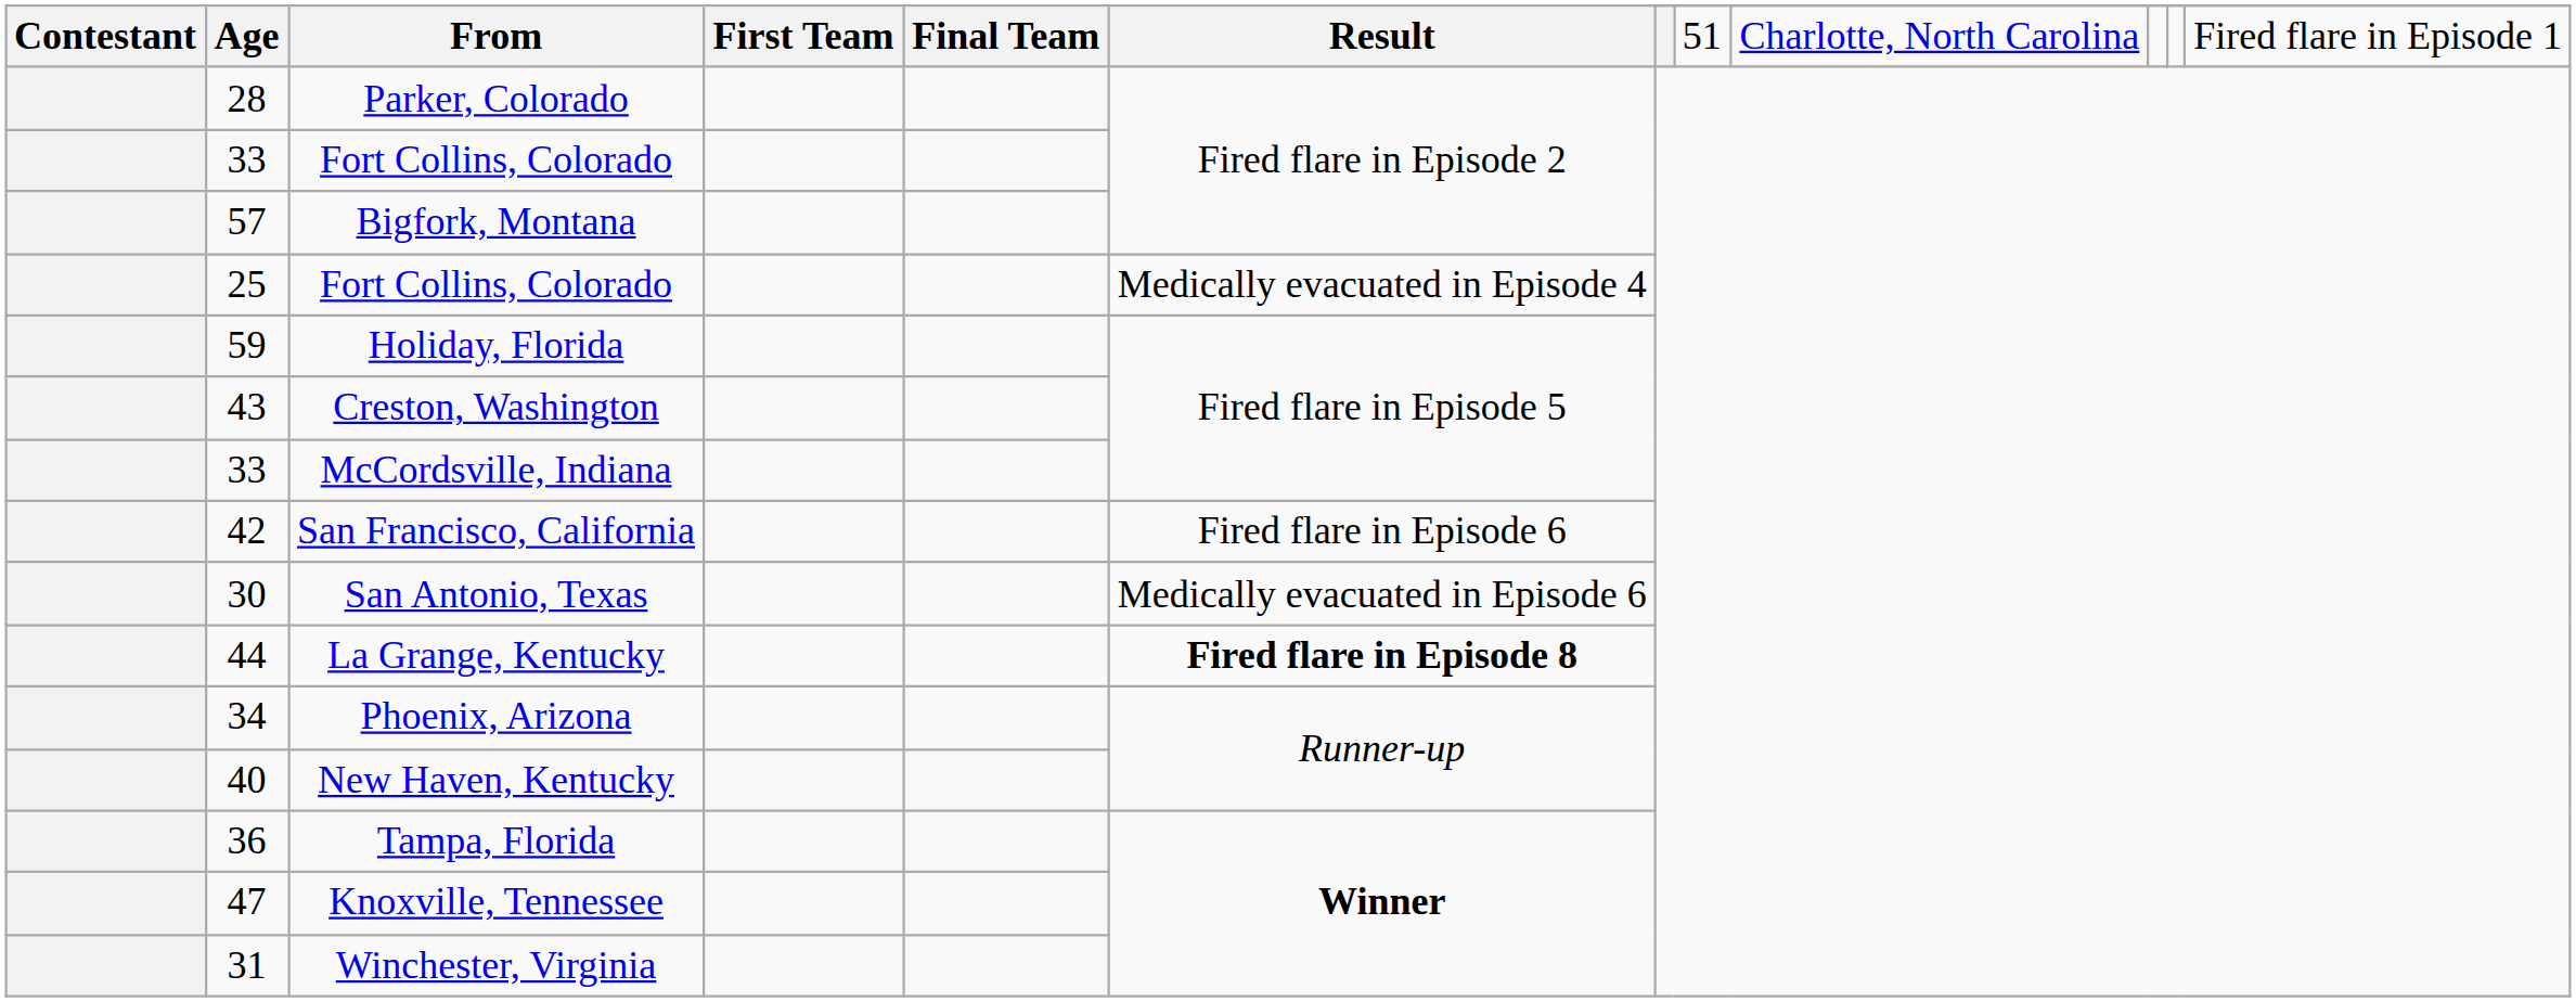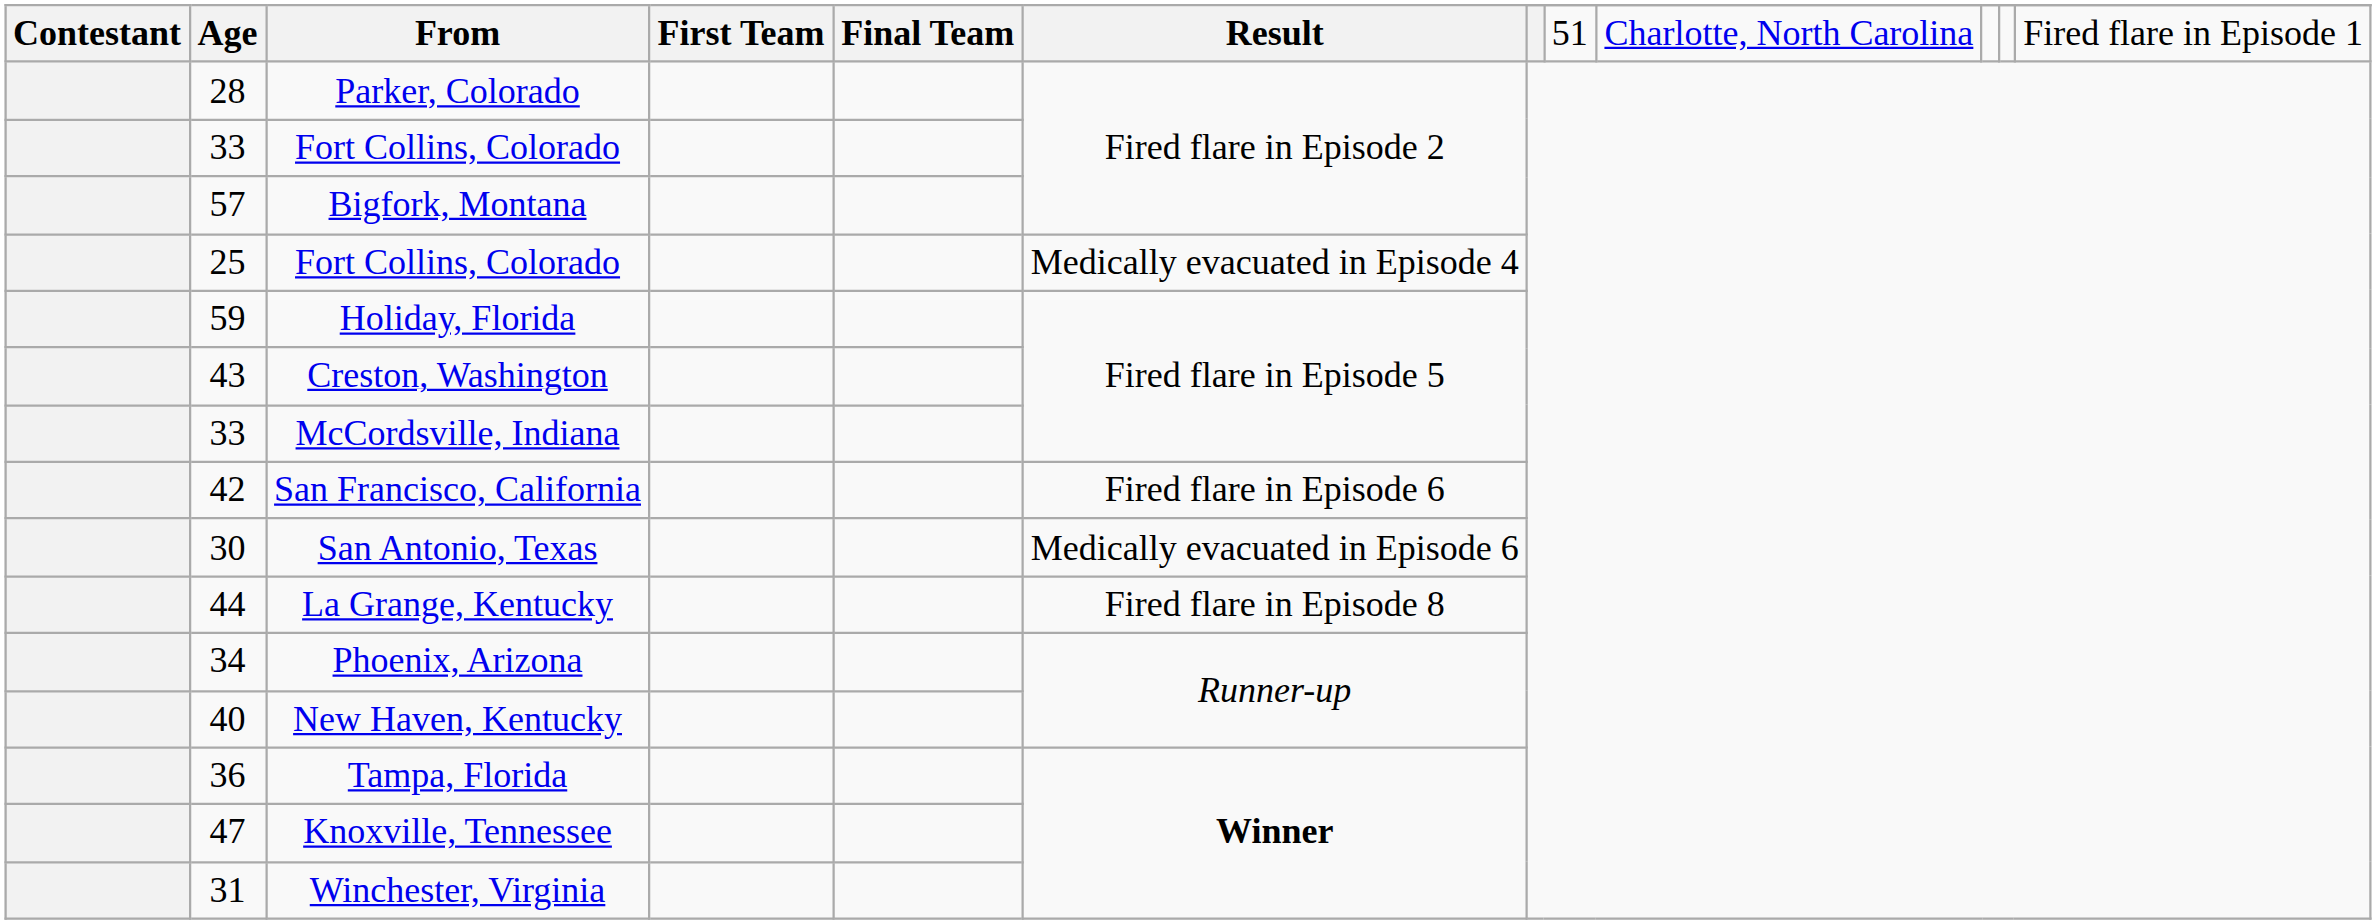 <table class="wikitable sortable" style="margin:auto; text-align:center">
 <tr>
 <th rowspan="2" scope="col">Contestant</th>
 <th rowspan="2" scope="col">Age</th>
 <th rowspan="2" scope="col" class=unsortable>From</th>
 <th rowspan="2" scope="col" class=unsortable>First Team</th>
 <th rowspan="2" scope="col" class=unsortable>Final Team</th>
 <th rowspan="2" scope="col" class=unsortable>Result</th>
 </tr>
 <tr>
 <th scope="row" style=text-align:left></th>
 <td>51</td>
 <td><a href='#'>Charlotte, North Carolina</a></td>
 <td></td>
 <td></td>
 <td>Fired flare in Episode 1</td>
 </tr>
 <tr>
 <th scope="row" style=text-align:left></th>
 <td>28</td>
 <td><a href='#'>Parker, Colorado</a></td>
 <td></td>
 <td></td>
 <td rowspan="3">Fired flare in Episode 2</td>
 </tr>
 <tr>
 <th scope="row" style=text-align:left></th>
 <td>33</td>
 <td><a href='#'>Fort Collins, Colorado</a></td>
 <td></td>
 <td></td>
 </tr>
 <tr>
 <th scope="row" style=text-align:left></th>
 <td>57</td>
 <td><a href='#'>Bigfork, Montana</a></td>
 <td></td>
 <td></td>
 </tr>
 <tr>
 <th scope="row" style=text-align:left></th>
 <td>25</td>
 <td><a href='#'>Fort Collins, Colorado</a></td>
 <td></td>
 <td></td>
 <td>Medically evacuated in Episode 4</td>
 </tr>
 <tr>
 <th scope="row" style=text-align:left></th>
 <td>59</td>
 <td><a href='#'>Holiday, Florida</a></td>
 <td></td>
 <td></td>
 <td rowspan="3">Fired flare in Episode 5</td>
 </tr>
 <tr>
 <th scope="row" style=text-align:left></th>
 <td>43</td>
 <td><a href='#'>Creston, Washington</a></td>
 <td></td>
 <td></td>
 </tr>
 <tr>
 <th scope="row" style=text-align:left></th>
 <td>33</td>
 <td><a href='#'>McCordsville, Indiana</a></td>
 <td></td>
 <td></td>
 </tr>
 <tr>
 <th scope="row" style=text-align:left></th>
 <td>42</td>
 <td><a href='#'>San Francisco, California</a></td>
 <td></td>
 <td></td>
 <td>Fired flare in Episode 6</td>
 </tr>
 <tr>
 <th scope="row" style=text-align:left></th>
 <td>30</td>
 <td><a href='#'>San Antonio, Texas</a></td>
 <td></td>
 <td></td>
 <td>Medically evacuated in Episode 6</td>
 </tr>
 <tr>
 <th scope="row" style=text-align:left></th>
 <td>44</td>
 <td><a href='#'>La Grange, Kentucky</a></td>
 <td></td>
 <td></td>
-<td><strong>Fired flare in Episode 8</strong></td>
+<td>Fired flare in Episode 8</td>
 </tr>
 <tr>
 <th scope="row" style=text-align:left></th>
 <td>34</td>
 <td><a href='#'>Phoenix, Arizona</a></td>
 <td></td>
 <td></td>
 <td rowspan="2"><em>Runner-up</em></td>
 </tr>
 <tr>
 <th scope="row" style=text-align:left></th>
 <td>40</td>
 <td><a href='#'>New Haven, Kentucky</a></td>
 <td></td>
 <td></td>
 </tr>
 <tr>
 <th scope="row" style=text-align:left></th>
 <td>36</td>
 <td><a href='#'>Tampa, Florida</a></td>
 <td></td>
 <td></td>
 <td rowspan="3"><strong>Winner</strong></td>
 </tr>
 <tr>
 <th scope="row" style=text-align:left></th>
 <td>47</td>
 <td><a href='#'>Knoxville, Tennessee</a></td>
 <td></td>
 <td></td>
 </tr>
 <tr>
 <th scope="row" style=text-align:left></th>
 <td>31</td>
 <td><a href='#'>Winchester, Virginia</a></td>
 <td></td>
 <td></td>
 </tr>
 </table>
